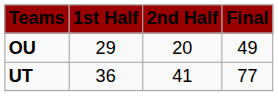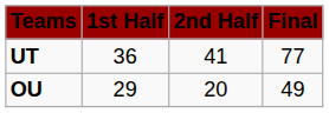 <table class="wikitable" align=right>
 <tr bgcolor=#990000 align=center>
 <td colspan=1><span><strong>Teams</strong></span></td>
 <td colspan=1><span><strong>1st Half</strong></span></td>
 <td colspan=1><span><strong>2nd Half</strong></span></td>
 <td colspan=1><span><strong>Final</strong></span></td>
 </tr>
 <tr>
+<td><strong>UT</strong></td>
+<td align=center>36</td>
+<td align=center>41</td>
+<td align=center>77</td>
+</tr>
+<tr>
 <td><strong>OU</strong></td>
 <td align=center>29</td>
 <td align=center>20</td>
 <td align=center>49</td>
 </tr>
 <tr>
-<td><strong>UT</strong></td>
-<td align=center>36</td>
-<td align=center>41</td>
-<td align=center>77</td>
-</tr>
-<tr>
 </tr>
 </table>
